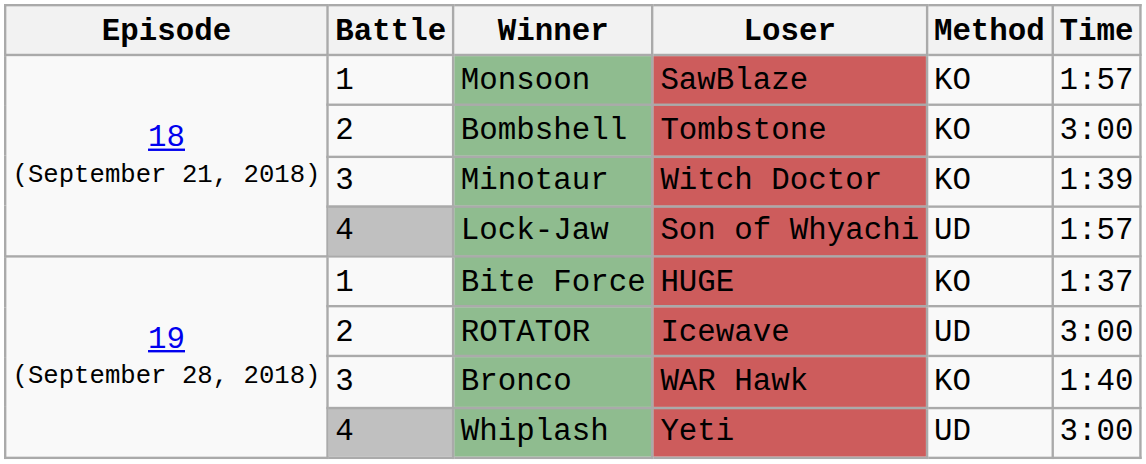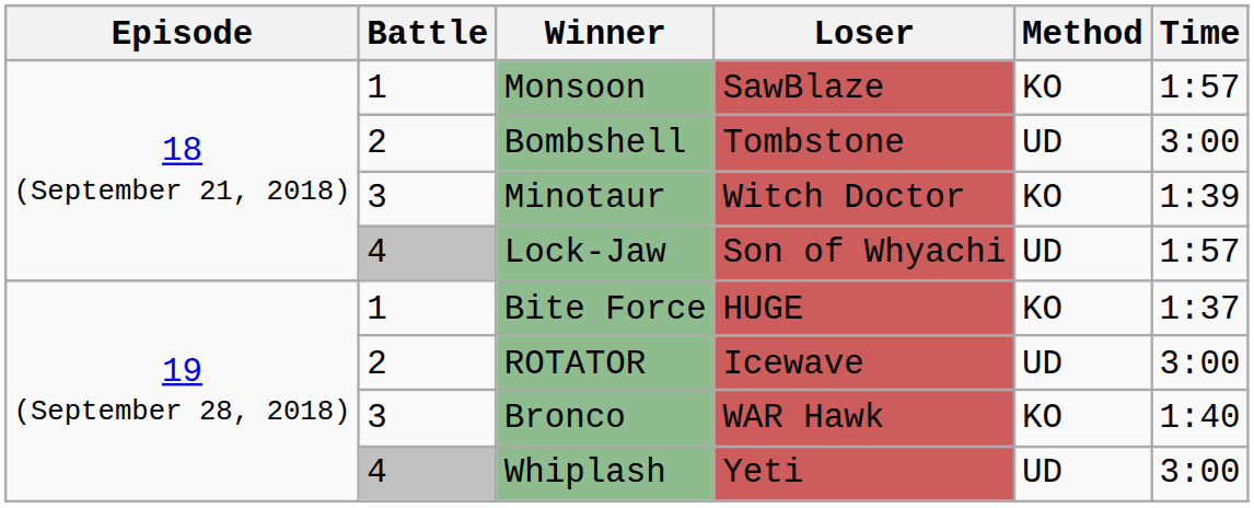 <table class="wikitable">
 <tr>
 <th>Episode</th>
 <th>Battle</th>
 <th>Winner</th>
 <th>Loser</th>
 <th>Method</th>
 <th>Time</th>
 </tr>
 <tr>
 <td style="text-align:center;" rowspan="4"><a href='#'>18</a><br><small>(September 21, 2018)</small></td>
 <td> 1</td>
 <td style="background:DarkSeaGreen;">Monsoon</td>
 <td style="background:IndianRed;">SawBlaze</td>
 <td>KO</td>
 <td>1:57</td>
 </tr>
 <tr>
 <td>2</td>
 <td style="background:DarkSeaGreen;">Bombshell</td>
 <td style="background:IndianRed;">Tombstone</td>
-<td>KO</td>
+<td>UD</td>
 <td>3:00</td>
 </tr>
 <tr>
 <td>3</td>
 <td style="background:DarkSeaGreen;">Minotaur</td>
 <td style="background:IndianRed;">Witch Doctor</td>
 <td>KO</td>
 <td>1:39</td>
 </tr>
 <tr>
 <td style="background:Silver;">4</td>
 <td style="background:DarkSeaGreen;">Lock-Jaw</td>
 <td style="background:IndianRed;">Son of Whyachi</td>
 <td>UD</td>
 <td>1:57</td>
 </tr>
 <tr>
 <td style="text-align:center;" rowspan="4"><a href='#'>19</a><br><small>(September 28, 2018)</small></td>
 <td>1</td>
 <td style="background:DarkSeaGreen;">Bite Force</td>
 <td style="background:IndianRed;">HUGE</td>
 <td>KO</td>
 <td>1:37</td>
 </tr>
 <tr>
 <td>2</td>
 <td style="background:DarkSeaGreen;">ROTATOR</td>
 <td style="background:IndianRed;">Icewave</td>
 <td>UD</td>
 <td>3:00</td>
 </tr>
 <tr>
 <td>3</td>
 <td style="background:DarkSeaGreen;">Bronco</td>
 <td style="background:IndianRed;">WAR Hawk</td>
 <td>KO</td>
 <td>1:40</td>
 </tr>
 <tr>
 <td style="background:Silver;">4</td>
 <td style="background:DarkSeaGreen;">Whiplash</td>
 <td style="background:IndianRed;">Yeti</td>
 <td>UD</td>
 <td>3:00</td>
 </tr>
 </table>
